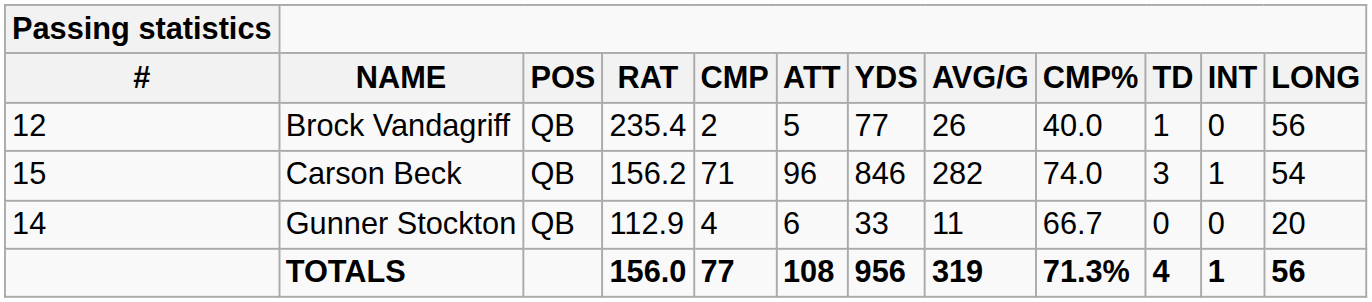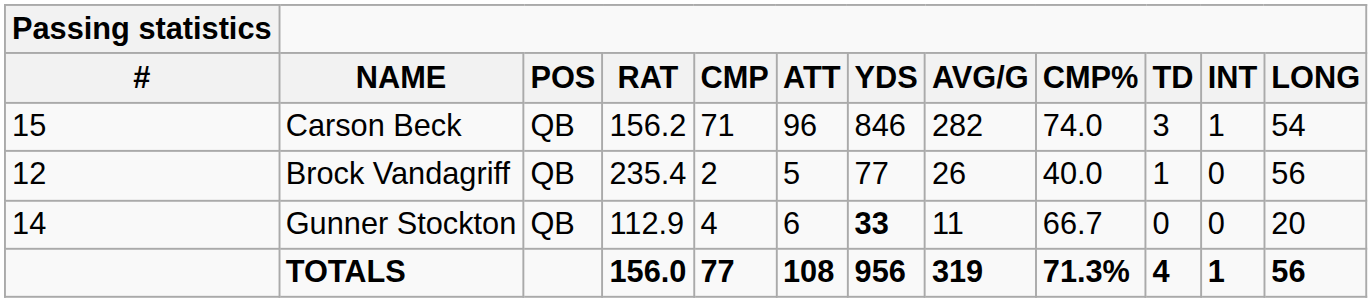 <table class="wikitable">
 <tr>
 <th style="text-align:center; ">Passing statistics</th>
 </tr>
 <tr>
 <th>#</th>
 <th>NAME</th>
 <th>POS</th>
 <th>RAT</th>
 <th>CMP</th>
 <th>ATT</th>
 <th>YDS</th>
 <th>AVG/G</th>
 <th>CMP%</th>
 <th>TD</th>
 <th>INT</th>
 <th>LONG</th>
 </tr>
 <tr>
+<td>15</td>
+<td>Carson Beck</td>
+<td>QB</td>
+<td>156.2</td>
+<td>71</td>
+<td>96</td>
+<td>846</td>
+<td>282</td>
+<td>74.0</td>
+<td>3</td>
+<td>1</td>
+<td>54</td>
+</tr>
+<tr>
 <td>12</td>
 <td>Brock Vandagriff</td>
 <td>QB</td>
 <td>235.4</td>
 <td>2</td>
 <td>5</td>
 <td>77</td>
 <td>26</td>
 <td>40.0</td>
 <td>1</td>
 <td>0</td>
 <td>56</td>
 </tr>
 <tr>
-<td>15</td>
-<td>Carson Beck</td>
-<td>QB</td>
-<td>156.2</td>
-<td>71</td>
-<td>96</td>
-<td>846</td>
-<td>282</td>
-<td>74.0</td>
-<td>3</td>
-<td>1</td>
-<td>54</td>
-</tr>
-<tr>
 <td>14</td>
 <td>Gunner Stockton</td>
 <td>QB</td>
 <td>112.9</td>
 <td>4</td>
 <td>6</td>
-<td>33</td>
+<td><strong>33</strong></td>
 <td>11</td>
 <td>66.7</td>
 <td>0</td>
 <td>0</td>
 <td>20</td>
 </tr>
 <tr>
 <td></td>
 <td><strong>TOTALS</strong></td>
 <td></td>
 <td><strong>156.0</strong></td>
 <td><strong>77</strong></td>
 <td><strong>108</strong></td>
 <td><strong>956</strong></td>
 <td><strong>319</strong></td>
 <td><strong>71.3%</strong></td>
 <td><strong>4</strong></td>
 <td><strong>1</strong></td>
 <td><strong>56</strong></td>
 </tr>
 </table>
